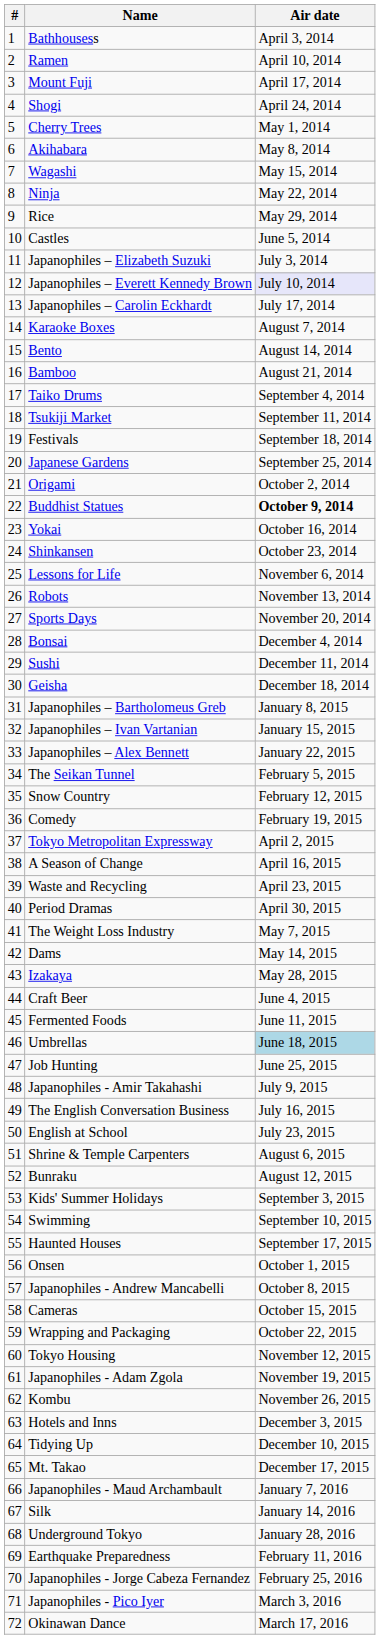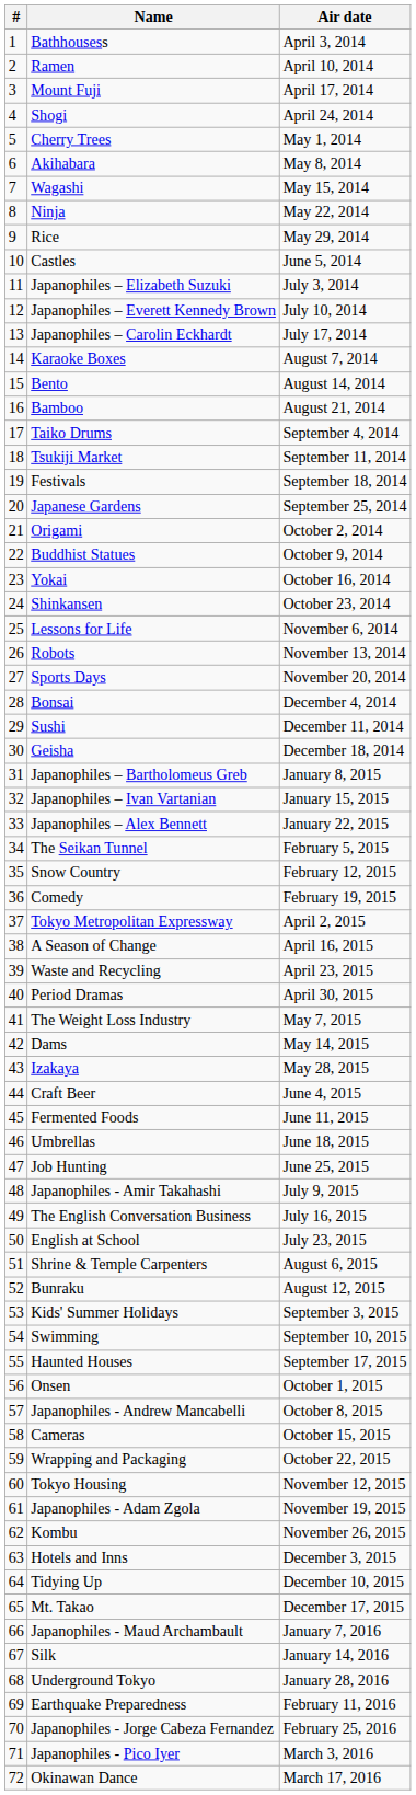 <table class="wikitable sortable">
 <tr>
 <th>#</th>
 <th>Name</th>
 <th>Air date</th>
 </tr>
 <tr>
 <td>1</td>
 <td><a href='#'>Bathhouses</a>s</td>
 <td>April 3, 2014</td>
 </tr>
 <tr>
 <td>2</td>
 <td><a href='#'>Ramen</a></td>
 <td>April 10, 2014</td>
 </tr>
 <tr>
 <td>3</td>
 <td><a href='#'>Mount Fuji</a></td>
 <td>April 17, 2014</td>
 </tr>
 <tr>
 <td>4</td>
 <td><a href='#'>Shogi</a></td>
 <td>April 24, 2014</td>
 </tr>
 <tr>
 <td>5</td>
 <td><a href='#'>Cherry Trees</a></td>
 <td>May 1, 2014</td>
 </tr>
 <tr>
 <td>6</td>
 <td><a href='#'>Akihabara</a></td>
 <td>May 8, 2014</td>
 </tr>
 <tr>
 <td>7</td>
 <td><a href='#'>Wagashi</a></td>
 <td>May 15, 2014</td>
 </tr>
 <tr>
 <td>8</td>
 <td><a href='#'>Ninja</a></td>
 <td>May 22, 2014</td>
 </tr>
 <tr>
 <td>9</td>
 <td>Rice</td>
 <td>May 29, 2014</td>
 </tr>
 <tr>
 <td>10</td>
 <td>Castles</td>
 <td>June 5, 2014</td>
 </tr>
 <tr>
 <td>11</td>
 <td>Japanophiles – <a href='#'>Elizabeth Suzuki</a></td>
 <td>July 3, 2014</td>
 </tr>
 <tr>
 <td>12</td>
 <td>Japanophiles – <a href='#'>Everett Kennedy Brown</a></td>
-<td style="background: lavender;">July 10, 2014</td>
+<td>July 10, 2014</td>
 </tr>
 <tr>
 <td>13</td>
 <td>Japanophiles – <a href='#'>Carolin Eckhardt</a></td>
 <td>July 17, 2014</td>
 </tr>
 <tr>
 <td>14</td>
 <td><a href='#'>Karaoke Boxes</a></td>
 <td>August 7, 2014</td>
 </tr>
 <tr>
 <td>15</td>
 <td><a href='#'>Bento</a></td>
 <td>August 14, 2014</td>
 </tr>
 <tr>
 <td>16</td>
 <td><a href='#'>Bamboo</a></td>
 <td>August 21, 2014</td>
 </tr>
 <tr>
 <td>17</td>
 <td><a href='#'>Taiko Drums</a></td>
 <td>September 4, 2014</td>
 </tr>
 <tr>
 <td>18</td>
 <td><a href='#'>Tsukiji Market</a></td>
 <td>September 11, 2014</td>
 </tr>
 <tr>
 <td>19</td>
 <td>Festivals</td>
 <td>September 18, 2014</td>
 </tr>
 <tr>
 <td>20</td>
 <td><a href='#'>Japanese Gardens</a></td>
 <td>September 25, 2014</td>
 </tr>
 <tr>
 <td>21</td>
 <td><a href='#'>Origami</a></td>
 <td>October 2, 2014</td>
 </tr>
 <tr>
 <td>22</td>
 <td><a href='#'>Buddhist Statues</a></td>
-<td><strong>October 9, 2014</strong></td>
+<td>October 9, 2014</td>
 </tr>
 <tr>
 <td>23</td>
 <td><a href='#'>Yokai</a></td>
 <td>October 16, 2014</td>
 </tr>
 <tr>
 <td>24</td>
 <td><a href='#'>Shinkansen</a></td>
 <td>October 23, 2014</td>
 </tr>
 <tr>
 <td>25</td>
 <td><a href='#'>Lessons for Life</a></td>
 <td>November 6, 2014</td>
 </tr>
 <tr>
 <td>26</td>
 <td><a href='#'>Robots</a></td>
 <td>November 13, 2014</td>
 </tr>
 <tr>
 <td>27</td>
 <td><a href='#'>Sports Days</a></td>
 <td>November 20, 2014</td>
 </tr>
 <tr>
 <td>28</td>
 <td><a href='#'>Bonsai</a></td>
 <td>December 4, 2014</td>
 </tr>
 <tr>
 <td>29</td>
 <td><a href='#'>Sushi</a></td>
 <td>December 11, 2014</td>
 </tr>
 <tr>
 <td>30</td>
 <td><a href='#'>Geisha</a></td>
 <td>December 18, 2014</td>
 </tr>
 <tr>
 <td>31</td>
 <td>Japanophiles – <a href='#'>Bartholomeus Greb</a></td>
 <td>January 8, 2015</td>
 </tr>
 <tr>
 <td>32</td>
 <td>Japanophiles – <a href='#'>Ivan Vartanian</a></td>
 <td>January 15, 2015</td>
 </tr>
 <tr>
 <td>33</td>
 <td>Japanophiles – <a href='#'>Alex Bennett</a></td>
 <td>January 22, 2015</td>
 </tr>
 <tr>
 <td>34</td>
 <td>The <a href='#'>Seikan Tunnel</a></td>
 <td>February 5, 2015</td>
 </tr>
 <tr>
 <td>35</td>
 <td>Snow Country</td>
 <td>February 12, 2015</td>
 </tr>
 <tr>
 <td>36</td>
 <td>Comedy</td>
 <td>February 19, 2015</td>
 </tr>
 <tr>
 <td>37</td>
 <td><a href='#'>Tokyo Metropolitan Expressway</a></td>
 <td>April 2, 2015</td>
 </tr>
 <tr>
 <td>38</td>
 <td>A Season of Change</td>
 <td>April 16, 2015</td>
 </tr>
 <tr>
 <td>39</td>
 <td>Waste and Recycling</td>
 <td>April 23, 2015</td>
 </tr>
 <tr>
 <td>40</td>
 <td>Period Dramas</td>
 <td>April 30, 2015</td>
 </tr>
 <tr>
 <td>41</td>
 <td>The Weight Loss Industry</td>
 <td>May 7, 2015</td>
 </tr>
 <tr>
 <td>42</td>
 <td>Dams</td>
 <td>May 14, 2015</td>
 </tr>
 <tr>
 <td>43</td>
 <td><a href='#'>Izakaya</a></td>
 <td>May 28, 2015</td>
 </tr>
 <tr>
 <td>44</td>
 <td>Craft Beer</td>
 <td>June 4, 2015</td>
 </tr>
 <tr>
 <td>45</td>
 <td>Fermented Foods</td>
 <td>June 11, 2015</td>
 </tr>
 <tr>
 <td>46</td>
 <td>Umbrellas</td>
-<td style="background: lightblue;">June 18, 2015</td>
+<td>June 18, 2015</td>
 </tr>
 <tr>
 <td>47</td>
 <td>Job Hunting</td>
 <td>June 25, 2015</td>
 </tr>
 <tr>
 <td>48</td>
 <td>Japanophiles - Amir Takahashi</td>
 <td>July 9, 2015</td>
 </tr>
 <tr>
 <td>49</td>
 <td>The English Conversation Business</td>
 <td>July 16, 2015</td>
 </tr>
 <tr>
 <td>50</td>
 <td>English at School</td>
 <td>July 23, 2015</td>
 </tr>
 <tr>
 <td>51</td>
 <td>Shrine & Temple Carpenters</td>
 <td>August 6, 2015</td>
 </tr>
 <tr>
 <td>52</td>
 <td>Bunraku</td>
 <td>August 12, 2015</td>
 </tr>
 <tr>
 <td>53</td>
 <td>Kids' Summer Holidays</td>
 <td>September 3, 2015</td>
 </tr>
 <tr>
 <td>54</td>
 <td>Swimming</td>
 <td>September 10, 2015</td>
 </tr>
 <tr>
 <td>55</td>
 <td>Haunted Houses</td>
 <td>September 17, 2015</td>
 </tr>
 <tr>
 <td>56</td>
 <td>Onsen</td>
 <td>October 1, 2015</td>
 </tr>
 <tr>
 <td>57</td>
 <td>Japanophiles - Andrew Mancabelli</td>
 <td>October 8, 2015</td>
 </tr>
 <tr>
 <td>58</td>
 <td>Cameras</td>
 <td>October 15, 2015</td>
 </tr>
 <tr>
 <td>59</td>
 <td>Wrapping and Packaging</td>
 <td>October 22, 2015</td>
 </tr>
 <tr>
 <td>60</td>
 <td>Tokyo Housing</td>
 <td>November 12, 2015</td>
 </tr>
 <tr>
 <td>61</td>
 <td>Japanophiles - Adam Zgola</td>
 <td>November 19, 2015</td>
 </tr>
 <tr>
 <td>62</td>
 <td>Kombu</td>
 <td>November 26, 2015</td>
 </tr>
 <tr>
 <td>63</td>
 <td>Hotels and Inns</td>
 <td>December 3, 2015</td>
 </tr>
 <tr>
 <td>64</td>
 <td>Tidying Up</td>
 <td>December 10, 2015</td>
 </tr>
 <tr>
 <td>65</td>
 <td>Mt. Takao</td>
 <td>December 17, 2015</td>
 </tr>
 <tr>
 <td>66</td>
 <td>Japanophiles - Maud Archambault</td>
 <td>January 7, 2016</td>
 </tr>
 <tr>
 <td>67</td>
 <td>Silk</td>
 <td>January 14, 2016</td>
 </tr>
 <tr>
 <td>68</td>
 <td>Underground Tokyo</td>
 <td>January 28, 2016</td>
 </tr>
 <tr>
 <td>69</td>
 <td>Earthquake Preparedness</td>
 <td>February 11, 2016</td>
 </tr>
 <tr>
 <td>70</td>
 <td>Japanophiles - Jorge Cabeza Fernandez</td>
 <td>February 25, 2016</td>
 </tr>
 <tr>
 <td>71</td>
 <td>Japanophiles - <a href='#'>Pico Iyer</a></td>
 <td>March 3, 2016</td>
 </tr>
 <tr>
 <td>72</td>
 <td>Okinawan Dance</td>
 <td>March 17, 2016</td>
 </tr>
 </table>
